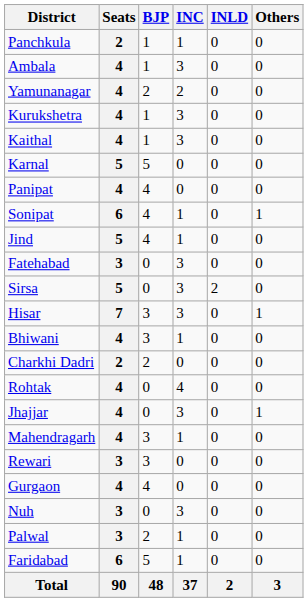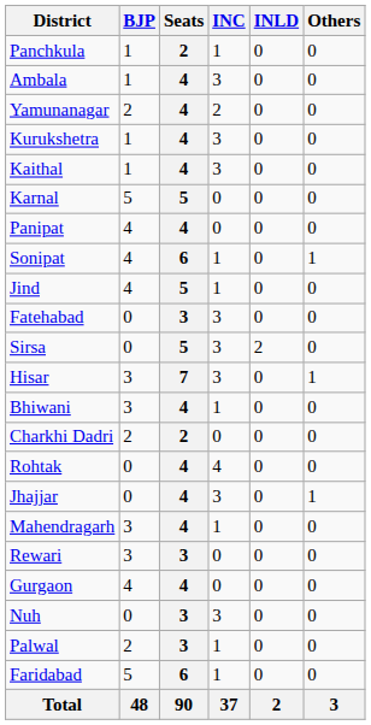 <table class="wikitable sortable defaultcenter col1left" style="font-size: 90%">
 <tr>
 <th>District</th>
+<th><a href='#'>BJP</a></th>
 <th>Seats</th>
-<th><a href='#'>BJP</a></th>
 <th><a href='#'>INC</a></th>
 <th><a href='#'>INLD</a></th>
 <th>Others</th>
 </tr>
 <tr>
 <td><a href='#'>Panchkula</a></td>
+<td>1</td>
 <th>2</th>
-<td>1</td>
 <td>1</td>
 <td>0</td>
 <td>0</td>
 </tr>
 <tr>
 <td><a href='#'>Ambala</a></td>
+<td>1</td>
 <th>4</th>
-<td>1</td>
 <td style="background:">3</td>
 <td>0</td>
 <td>0</td>
 </tr>
 <tr>
 <td><a href='#'>Yamunanagar</a></td>
+<td>2</td>
 <th>4</th>
-<td>2</td>
 <td>2</td>
 <td>0</td>
 <td>0</td>
 </tr>
 <tr>
 <td><a href='#'>Kurukshetra</a></td>
+<td>1</td>
 <th>4</th>
-<td>1</td>
 <td style="background:">3</td>
 <td>0</td>
 <td>0</td>
 </tr>
 <tr>
 <td><a href='#'>Kaithal</a></td>
+<td>1</td>
 <th>4</th>
-<td>1</td>
 <td style="background:">3</td>
 <td>0</td>
 <td>0</td>
 </tr>
 <tr>
 <td><a href='#'>Karnal</a></td>
+<td style="background:">5</td>
 <th>5</th>
-<td style="background:">5</td>
 <td>0</td>
 <td>0</td>
 <td>0</td>
 </tr>
 <tr>
 <td><a href='#'>Panipat</a></td>
+<td style="background:">4</td>
 <th>4</th>
-<td style="background:">4</td>
 <td>0</td>
 <td>0</td>
 <td>0</td>
 </tr>
 <tr>
 <td><a href='#'>Sonipat</a></td>
+<td style="background:">4</td>
 <th>6</th>
-<td style="background:">4</td>
 <td>1</td>
 <td>0</td>
 <td>1</td>
 </tr>
 <tr>
 <td><a href='#'>Jind</a></td>
+<td style="background:">4</td>
 <th>5</th>
-<td style="background:">4</td>
 <td>1</td>
 <td>0</td>
 <td>0</td>
 </tr>
 <tr>
 <td><a href='#'>Fatehabad</a></td>
+<td>0</td>
 <th>3</th>
-<td>0</td>
 <td style="background:">3</td>
 <td>0</td>
 <td>0</td>
 </tr>
 <tr>
 <td><a href='#'>Sirsa</a></td>
+<td>0</td>
 <th>5</th>
-<td>0</td>
 <td style="background:">3</td>
 <td>2</td>
 <td>0</td>
 </tr>
 <tr>
 <td><a href='#'>Hisar</a></td>
+<td>3</td>
 <th>7</th>
-<td>3</td>
 <td>3</td>
 <td>0</td>
 <td>1</td>
 </tr>
 <tr>
 <td><a href='#'>Bhiwani</a></td>
+<td style="background:">3</td>
 <th>4</th>
-<td style="background:">3</td>
 <td>1</td>
 <td>0</td>
 <td>0</td>
 </tr>
 <tr>
 <td><a href='#'>Charkhi Dadri</a></td>
+<td style="background:">2</td>
 <th>2</th>
-<td style="background:">2</td>
 <td>0</td>
 <td>0</td>
 <td>0</td>
 </tr>
 <tr>
 <td><a href='#'>Rohtak</a></td>
+<td>0</td>
 <th>4</th>
-<td>0</td>
 <td style="background:">4</td>
 <td>0</td>
 <td>0</td>
 </tr>
 <tr>
 <td><a href='#'>Jhajjar</a></td>
+<td>0</td>
 <th>4</th>
-<td>0</td>
 <td style="background:">3</td>
 <td>0</td>
 <td>1</td>
 </tr>
 <tr>
 <td><a href='#'>Mahendragarh</a></td>
+<td style="background:">3</td>
 <th>4</th>
-<td style="background:">3</td>
 <td>1</td>
 <td>0</td>
 <td>0</td>
 </tr>
 <tr>
 <td><a href='#'>Rewari</a></td>
+<td style="background:">3</td>
 <th>3</th>
-<td style="background:">3</td>
 <td>0</td>
 <td>0</td>
 <td>0</td>
 </tr>
 <tr>
 <td><a href='#'>Gurgaon</a></td>
+<td style="background:">4</td>
 <th>4</th>
-<td style="background:">4</td>
 <td>0</td>
 <td>0</td>
 <td>0</td>
 </tr>
 <tr>
 <td><a href='#'>Nuh</a></td>
+<td>0</td>
 <th>3</th>
-<td>0</td>
 <td style="background:">3</td>
 <td>0</td>
 <td>0</td>
 </tr>
 <tr>
 <td><a href='#'>Palwal</a></td>
+<td style="background:">2</td>
 <th>3</th>
-<td style="background:">2</td>
 <td>1</td>
 <td>0</td>
 <td>0</td>
 </tr>
 <tr>
 <td><a href='#'>Faridabad</a></td>
+<td style="background:">5</td>
 <th>6</th>
-<td style="background:">5</td>
 <td>1</td>
 <td>0</td>
 <td>0</td>
 </tr>
 <tr>
 <th>Total</th>
+<th style="background:">48</th>
 <th>90</th>
-<th style="background:">48</th>
 <th>37</th>
 <th>2</th>
 <th>3</th>
 </tr>
 </table>
